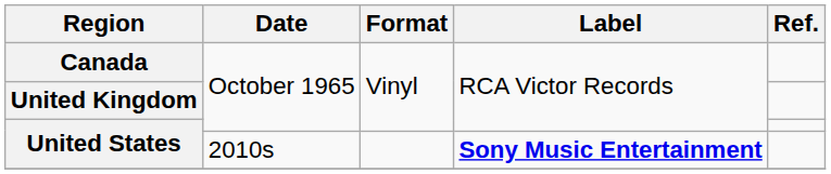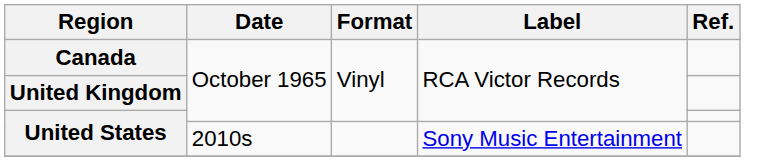 <table class="wikitable plainrowheaders">
 <tr>
 <th scope="col">Region</th>
 <th scope="col">Date</th>
 <th scope="col">Format</th>
 <th scope="col">Label</th>
 <th scope="col">Ref.</th>
 </tr>
 <tr>
 <th scope="row">Canada</th>
 <td rowspan="3">October 1965</td>
 <td rowspan="3">Vinyl</td>
 <td rowspan="3">RCA Victor Records</td>
 <td></td>
 </tr>
 <tr>
 <th scope="row">United Kingdom</th>
 <td></td>
 </tr>
 <tr>
 <th scope="row" rowspan="2">United States</th>
 <td></td>
 </tr>
 <tr>
 <td>2010s</td>
 <td></td>
-<td><strong><a href='#'>Sony Music Entertainment</a></strong></td>
+<td><a href='#'>Sony Music Entertainment</a></td>
 <td></td>
 </tr>
 <tr>
 </tr>
 </table>
